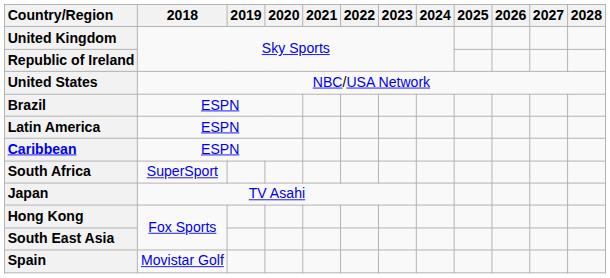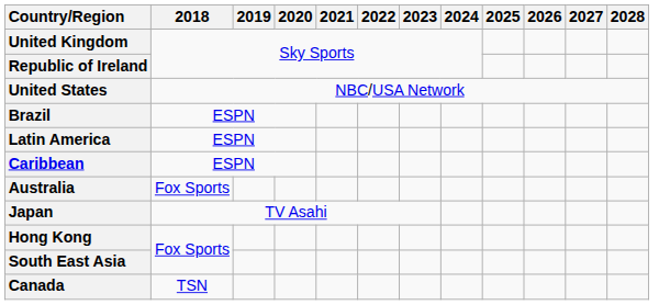 <table class="wikitable" style="text-align:center">
 <tr>
 <th style="text-align:left">Country/Region</th>
 <th>2018</th>
 <th>2019</th>
 <th>2020</th>
 <th>2021</th>
 <th>2022</th>
 <th>2023</th>
 <th>2024</th>
 <th>2025</th>
 <th>2026</th>
 <th>2027</th>
 <th>2028</th>
 </tr>
 <tr>
 <th style="text-align:left">United Kingdom</th>
 <td colspan="7" rowspan="2"><a href='#'>Sky Sports</a></td>
 <td></td>
 <td></td>
 <td></td>
 <td></td>
 </tr>
 <tr>
 <th style="text-align:left">Republic of Ireland</th>
 <td></td>
 <td></td>
 <td></td>
 <td></td>
 </tr>
 <tr>
 <th style="text-align:left">United States</th>
 <td colspan="11"><a href='#'>NBC</a>/<a href='#'>USA Network</a></td>
 </tr>
 <tr>
 <th style="text-align:left">Brazil</th>
 <td colspan="3"><a href='#'>ESPN</a></td>
 <td></td>
 <td></td>
 <td></td>
 <td></td>
 <td></td>
 <td></td>
 <td></td>
 <td></td>
 </tr>
 <tr>
 <th style="text-align:left">Latin America</th>
 <td colspan="3"><a href='#'>ESPN</a></td>
 <td></td>
 <td></td>
 <td></td>
 <td></td>
 <td></td>
 <td></td>
 <td></td>
 <td></td>
 </tr>
 <tr>
 <th style="text-align:left"><a href='#'>Caribbean</a></th>
 <td colspan="3"><a href='#'>ESPN</a></td>
 <td></td>
 <td></td>
 <td></td>
 <td></td>
 <td></td>
 <td></td>
 <td></td>
 <td></td>
 </tr>
 <tr>
-<th style="text-align:left">South Africa</th>
-<td><a href='#'>SuperSport</a></td>
+<th style="text-align:left">Australia</th>
+<td><a href='#'>Fox Sports</a></td>
 <td></td>
 <td></td>
 <td></td>
 <td></td>
 <td></td>
 <td></td>
 <td></td>
 <td></td>
 <td></td>
 <td></td>
 </tr>
 <tr>
 <th style="text-align:left">Japan</th>
 <td colspan="6"><a href='#'>TV Asahi</a></td>
 <td></td>
 <td></td>
 <td></td>
 <td></td>
 <td></td>
 </tr>
 <tr>
 <th style="text-align:left">Hong Kong</th>
 <td rowspan="2"><a href='#'>Fox Sports</a></td>
 <td></td>
 <td></td>
 <td></td>
 <td></td>
 <td></td>
 <td></td>
 <td></td>
 <td></td>
 <td></td>
 <td></td>
 </tr>
 <tr>
 <th style="text-align:left">South East Asia</th>
 <td></td>
 <td></td>
 <td></td>
 <td></td>
 <td></td>
 <td></td>
 <td></td>
 <td></td>
 <td></td>
 <td></td>
 </tr>
 <tr>
-<th style="text-align:left">Spain</th>
-<td><a href='#'>Movistar Golf</a></td>
+<th style="text-align:left">Canada</th>
+<td><a href='#'>TSN</a></td>
 <td></td>
 <td></td>
 <td></td>
 <td></td>
 <td></td>
 <td></td>
 <td></td>
 <td></td>
 <td></td>
 <td></td>
 </tr>
 </table>
